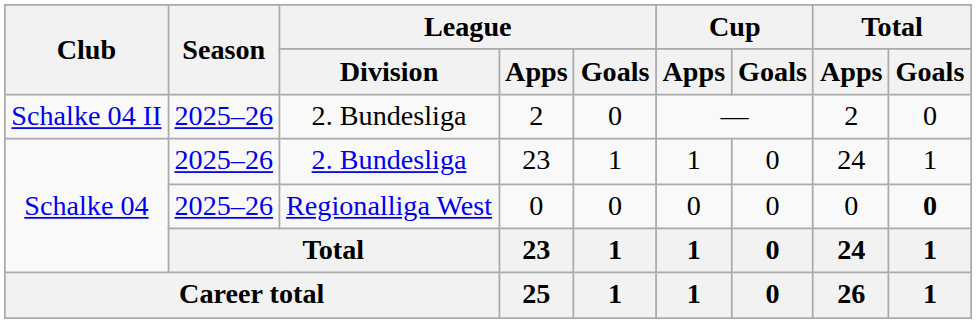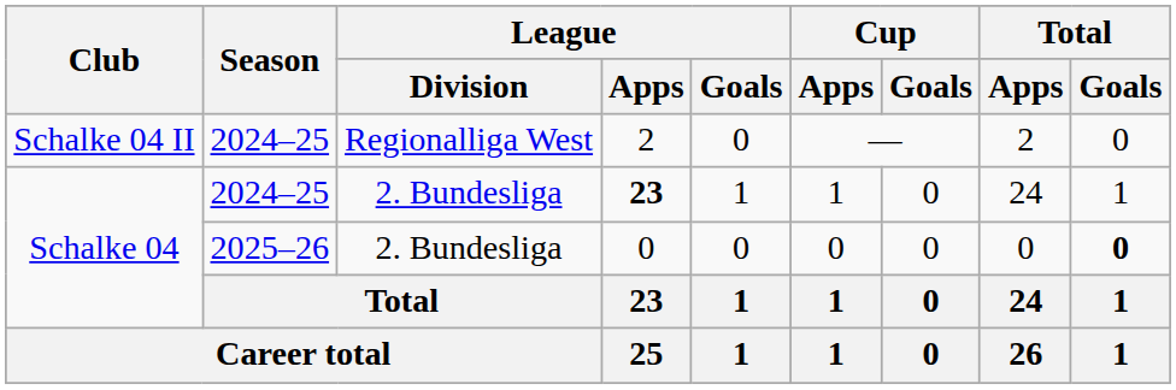 <table class="wikitable nowrap" style="text-align:center">
 <tr>
 <th rowspan="2">Club</th>
 <th rowspan="2">Season</th>
 <th colspan="3">League</th>
 <th colspan="2">Cup</th>
 <th colspan="2">Total</th>
 </tr>
 <tr>
 <th>Division</th>
 <th>Apps</th>
 <th>Goals</th>
 <th>Apps</th>
 <th>Goals</th>
 <th>Apps</th>
 <th>Goals</th>
 </tr>
 <tr>
 <td><a href='#'>Schalke 04 II</a></td>
-<td><a href='#'>2025–26</a></td>
-<td>2. Bundesliga</td>
+<td><a href='#'>2024–25</a></td>
+<td><a href='#'>Regionalliga West</a></td>
 <td>2</td>
 <td>0</td>
 <td colspan="2">—</td>
 <td>2</td>
 <td>0</td>
 </tr>
 <tr>
 <td rowspan="3"><a href='#'>Schalke 04</a></td>
-<td><a href='#'>2025–26</a></td>
+<td><a href='#'>2024–25</a></td>
 <td><a href='#'>2. Bundesliga</a></td>
-<td>23</td>
+<td><strong>23</strong></td>
 <td>1</td>
 <td>1</td>
 <td>0</td>
 <td>24</td>
 <td>1</td>
 </tr>
 <tr>
 <td><a href='#'>2025–26</a></td>
-<td><a href='#'>Regionalliga West</a></td>
+<td>2. Bundesliga</td>
 <td>0</td>
 <td>0</td>
 <td>0</td>
 <td>0</td>
 <td>0</td>
 <td><strong>0</strong></td>
 </tr>
 <tr>
 <th colspan="2">Total</th>
 <th>23</th>
 <th>1</th>
 <th>1</th>
 <th>0</th>
 <th>24</th>
 <th>1</th>
 </tr>
 <tr>
 <th colspan="3">Career total</th>
 <th>25</th>
 <th>1</th>
 <th>1</th>
 <th>0</th>
 <th>26</th>
 <th>1</th>
 </tr>
 </table>
